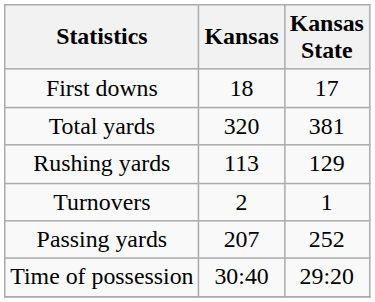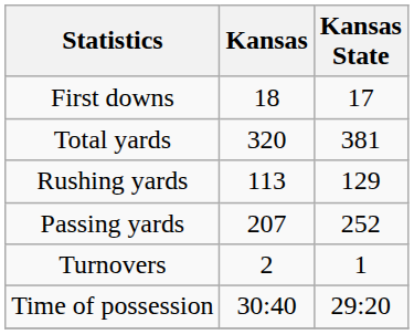 <table class="wikitable">
 <tr>
 <th>Statistics</th>
 <th>Kansas</th>
 <th>Kansas<br>State</th>
 </tr>
 <tr align="center">
 <td>First downs</td>
 <td>18</td>
 <td>17</td>
 </tr>
 <tr align="center">
 <td>Total yards</td>
 <td>320</td>
 <td>381</td>
 </tr>
 <tr align="center">
 <td>Rushing yards</td>
 <td>113</td>
 <td>129</td>
 </tr>
 <tr align="center">
+<td>Passing yards</td>
+<td>207</td>
+<td>252</td>
+</tr>
+<tr align="center">
 <td>Turnovers</td>
 <td>2</td>
 <td>1</td>
-</tr>
-<tr align="center">
-<td>Passing yards</td>
-<td>207</td>
-<td>252</td>
 </tr>
 <tr align="center">
 <td>Time of possession</td>
 <td>30:40</td>
 <td>29:20</td>
 </tr>
 <tr>
 </tr>
 </table>
